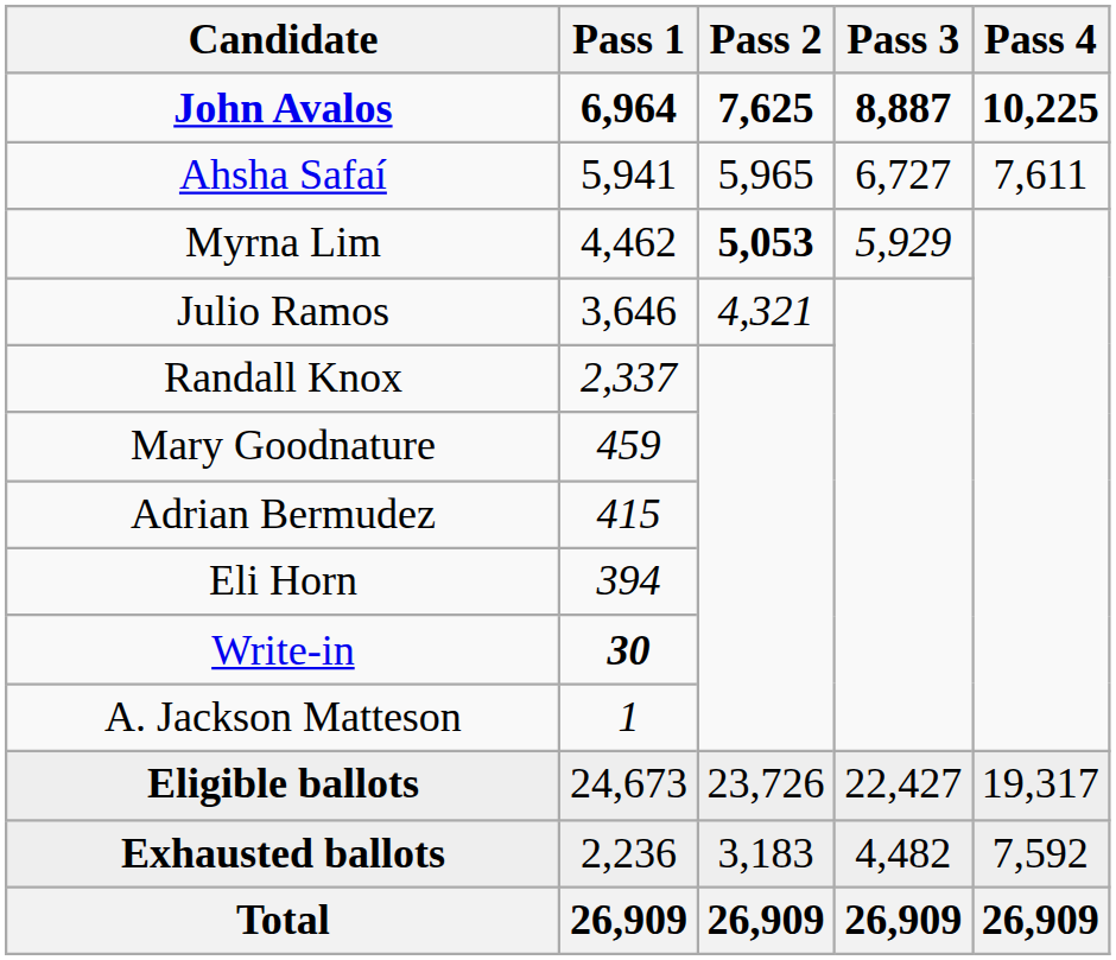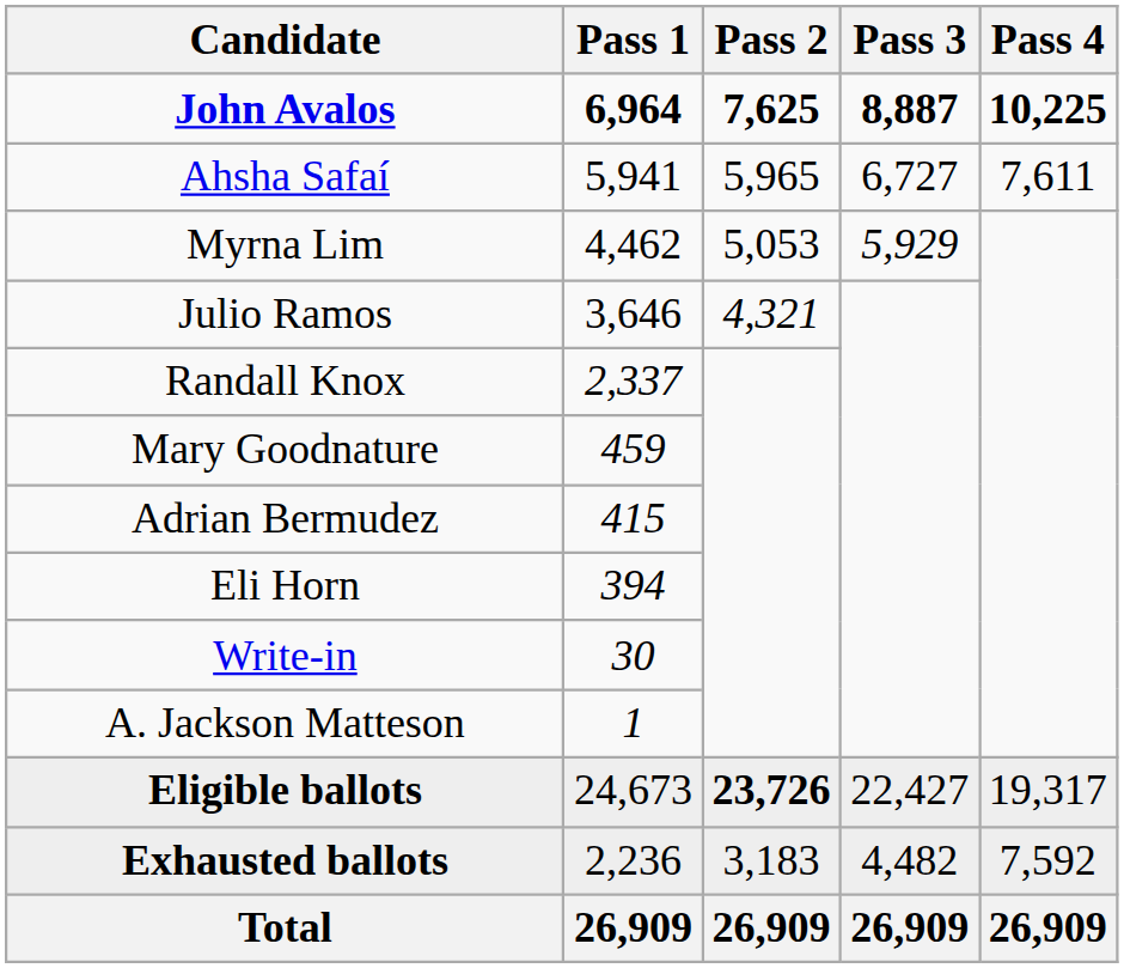 <table class="wikitable" style="text-align: center;">
 <tr>
 <th width="200">Candidate</th>
 <th>Pass 1</th>
 <th>Pass 2</th>
 <th>Pass 3</th>
 <th>Pass 4</th>
 </tr>
 <tr>
 <td><strong><a href='#'>John Avalos</a></strong></td>
 <td><strong>6,964</strong></td>
 <td><strong>7,625</strong></td>
 <td><strong>8,887</strong></td>
 <td><strong>10,225</strong></td>
 </tr>
 <tr>
 <td><a href='#'>Ahsha Safaí</a></td>
 <td>5,941</td>
 <td>5,965</td>
 <td>6,727</td>
 <td>7,611</td>
 </tr>
 <tr>
 <td>Myrna Lim</td>
 <td>4,462</td>
-<td><strong>5,053</strong></td>
+<td>5,053</td>
 <td><em>5,929</em></td>
 <td rowspan="8"></td>
 </tr>
 <tr>
 <td>Julio Ramos</td>
 <td>3,646</td>
 <td><em>4,321</em></td>
 <td rowspan="7"></td>
 </tr>
 <tr>
 <td>Randall Knox</td>
 <td><em>2,337</em></td>
 <td rowspan="6"></td>
 </tr>
 <tr>
 <td>Mary Goodnature</td>
 <td><em>459</em></td>
 </tr>
 <tr>
 <td>Adrian Bermudez</td>
 <td><em>415</em></td>
 </tr>
 <tr>
 <td>Eli Horn</td>
 <td><em>394</em></td>
 </tr>
 <tr>
 <td><a href='#'>Write-in</a></td>
-<td><strong><em>30</em></strong></td>
+<td><em>30</em></td>
 </tr>
 <tr>
 <td>A. Jackson Matteson</td>
 <td><em>1</em></td>
 </tr>
 <tr bgcolor="#EEEEEE">
 <td><strong>Eligible ballots</strong></td>
 <td>24,673</td>
-<td>23,726</td>
+<td><strong>23,726</strong></td>
 <td>22,427</td>
 <td>19,317</td>
 </tr>
 <tr bgcolor="#EEEEEE">
 <td><strong>Exhausted ballots</strong></td>
 <td>2,236</td>
 <td>3,183</td>
 <td>4,482</td>
 <td>7,592</td>
 </tr>
 <tr>
 <th scope="row">Total</th>
 <th>26,909</th>
 <th>26,909</th>
 <th>26,909</th>
 <th>26,909</th>
 </tr>
 </table>
